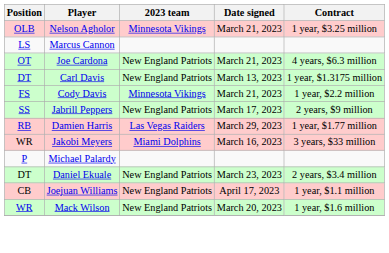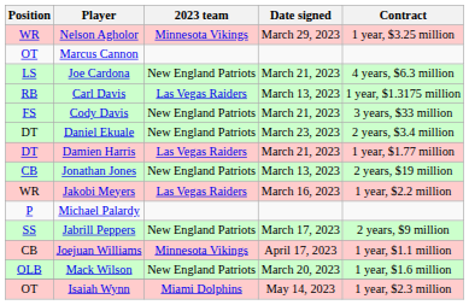 <table class="wikitable" style="text-align:center">
 <tr>
 <th>Position</th>
 <th>Player</th>
 <th>2023 team</th>
 <th>Date signed</th>
 <th>Contract</th>
 </tr>
 <tr style="background:#fcc;">
-<td><a href='#'>OLB</a></td>
+<td><a href='#'>WR</a></td>
 <td><a href='#'>Nelson Agholor</a></td>
 <td><a href='#'>Minnesota Vikings</a></td>
-<td>March 21, 2023</td>
+<td>March 29, 2023</td>
 <td>1 year, $3.25 million</td>
 </tr>
 <tr>
-<td><a href='#'>LS</a></td>
+<td><a href='#'>OT</a></td>
 <td><a href='#'>Marcus Cannon</a></td>
 <td></td>
 <td></td>
 <td></td>
 </tr>
 <tr style="background:#cfc;">
-<td><a href='#'>OT</a></td>
+<td><a href='#'>LS</a></td>
 <td><a href='#'>Joe Cardona</a></td>
 <td>New England Patriots</td>
 <td>March 21, 2023</td>
 <td>4 years, $6.3 million</td>
 </tr>
 <tr style="background:#cfc;">
-<td><a href='#'>DT</a></td>
+<td><a href='#'>RB</a></td>
 <td><a href='#'>Carl Davis</a></td>
-<td>New England Patriots</td>
+<td><a href='#'>Las Vegas Raiders</a></td>
 <td>March 13, 2023</td>
 <td>1 year, $1.3175 million</td>
 </tr>
 <tr style="background:#cfc;">
 <td><a href='#'>FS</a></td>
 <td><a href='#'>Cody Davis</a></td>
-<td><a href='#'>Minnesota Vikings</a></td>
+<td>New England Patriots</td>
 <td>March 21, 2023</td>
+<td>3 years, $33 million</td>
+</tr>
+<tr style="background:#cfc;">
+<td>DT</td>
+<td><a href='#'>Daniel Ekuale</a></td>
+<td>New England Patriots</td>
+<td>March 23, 2023</td>
+<td>2 years, $3.4 million</td>
+</tr>
+<tr style="background:#fcc;">
+<td><a href='#'>DT</a></td>
+<td><a href='#'>Damien Harris</a></td>
+<td><a href='#'>Las Vegas Raiders</a></td>
+<td>March 21, 2023</td>
+<td>1 year, $1.77 million</td>
+</tr>
+<tr style="background:#cfc;">
+<td><a href='#'>CB</a></td>
+<td><a href='#'>Jonathan Jones</a></td>
+<td>New England Patriots</td>
+<td>March 13, 2023</td>
+<td>2 years, $19 million</td>
+</tr>
+<tr style="background:#fcc;">
+<td>WR</td>
+<td><a href='#'>Jakobi Meyers</a></td>
+<td><a href='#'>Las Vegas Raiders</a></td>
+<td>March 16, 2023</td>
 <td>1 year, $2.2 million</td>
+</tr>
+<tr>
+<td><a href='#'>P</a></td>
+<td><a href='#'>Michael Palardy</a></td>
+<td></td>
+<td></td>
+<td></td>
 </tr>
 <tr style="background:#cfc;">
 <td><a href='#'>SS</a></td>
 <td><a href='#'>Jabrill Peppers</a></td>
 <td>New England Patriots</td>
 <td>March 17, 2023</td>
 <td>2 years, $9 million</td>
 </tr>
 <tr style="background:#fcc;">
-<td><a href='#'>RB</a></td>
-<td><a href='#'>Damien Harris</a></td>
-<td><a href='#'>Las Vegas Raiders</a></td>
-<td>March 29, 2023</td>
-<td>1 year, $1.77 million</td>
-</tr>
-<tr style="background:#fcc;">
-<td>WR</td>
-<td><a href='#'>Jakobi Meyers</a></td>
-<td><a href='#'>Miami Dolphins</a></td>
-<td>March 16, 2023</td>
-<td>3 years, $33 million</td>
-</tr>
-<tr>
-<td><a href='#'>P</a></td>
-<td><a href='#'>Michael Palardy</a></td>
-<td></td>
-<td></td>
-<td></td>
-</tr>
-<tr style="background:#cfc;">
-<td>DT</td>
-<td><a href='#'>Daniel Ekuale</a></td>
-<td>New England Patriots</td>
-<td>March 23, 2023</td>
-<td>2 years, $3.4 million</td>
-</tr>
-<tr style="background:#fcc;">
 <td>CB</td>
 <td><a href='#'>Joejuan Williams</a></td>
-<td>New England Patriots</td>
+<td><a href='#'>Minnesota Vikings</a></td>
 <td>April 17, 2023</td>
 <td>1 year, $1.1 million</td>
 </tr>
 <tr style="background:#cfc;">
-<td><a href='#'>WR</a></td>
+<td><a href='#'>OLB</a></td>
 <td><a href='#'>Mack Wilson</a></td>
 <td>New England Patriots</td>
 <td>March 20, 2023</td>
 <td>1 year, $1.6 million</td>
 </tr>
 <tr>
 </tr>
+<tr style="background:#fcc;">
+<td>OT</td>
+<td><a href='#'>Isaiah Wynn</a></td>
+<td><a href='#'>Miami Dolphins</a></td>
+<td>May 14, 2023</td>
+<td>1 year, $2.3 million</td>
+</tr>
 </table>
